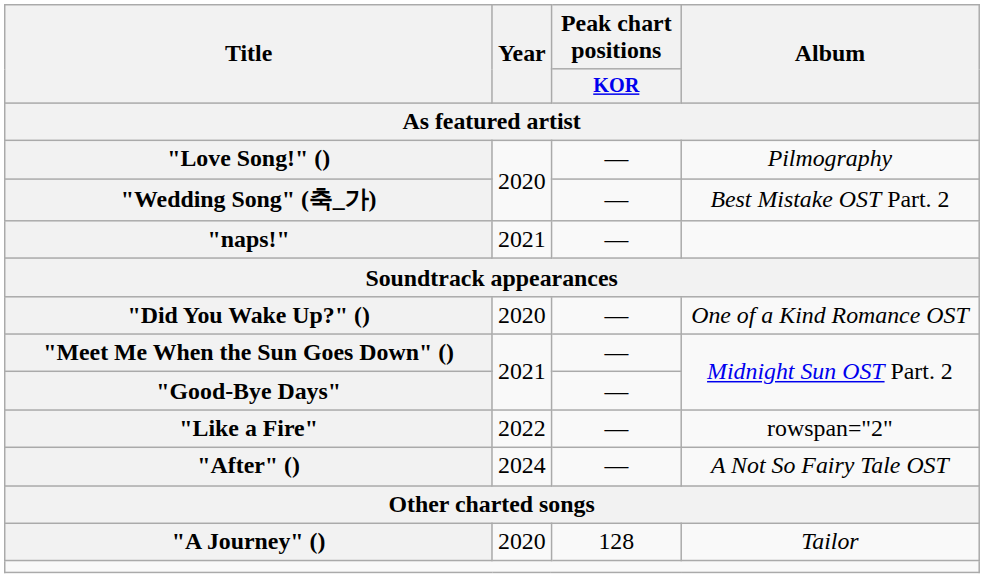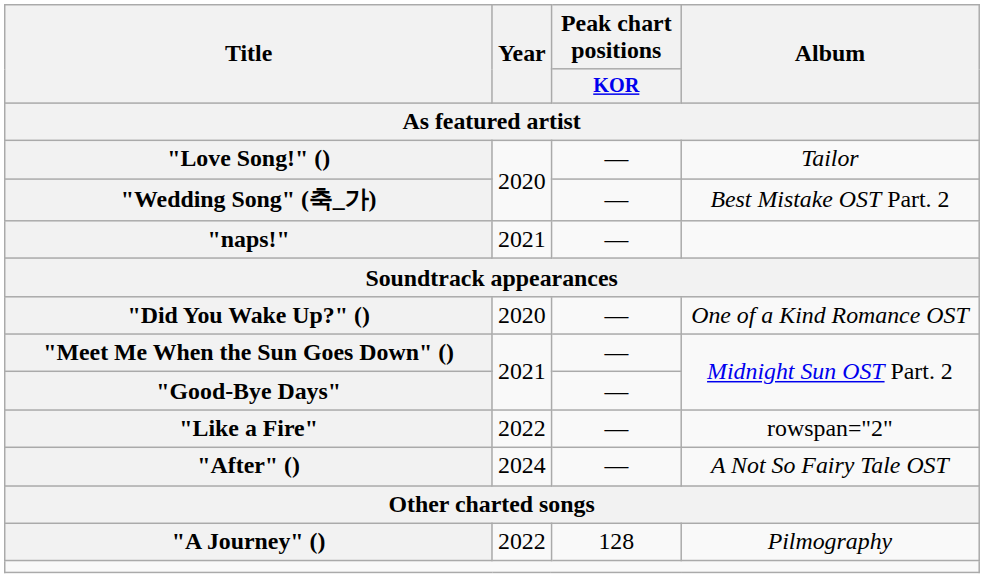 <table class="wikitable plainrowheaders" style="text-align:center;" border="1">
 <tr>
 <th rowspan="2" scope="col" style="width:20em;">Title</th>
 <th rowspan="2" scope="col">Year</th>
 <th colspan="1" scope="col" style="width:5em;">Peak chart positions</th>
 <th rowspan="2" scope="col" style="width:12em;">Album</th>
 </tr>
 <tr>
 <th scope="col" style="width:3em;font-size:85%;"><a href='#'>KOR</a><br></th>
 </tr>
 <tr>
 <th colspan="4">As featured artist</th>
 </tr>
 <tr>
 <th scope="row">"Love Song!" ()</th>
 <td rowspan="2">2020</td>
 <td>—</td>
-<td><em>Pilmography</em></td>
+<td><em>Tailor</em></td>
 </tr>
 <tr>
 <th scope="row">"Wedding Song" (축_가)</th>
 <td>—</td>
 <td><em>Best Mistake OST</em> Part. 2</td>
 </tr>
 <tr>
 <th scope="row">"naps!"</th>
 <td>2021</td>
 <td>—</td>
 </tr>
 <tr>
 <th colspan="4">Soundtrack appearances</th>
 </tr>
 <tr>
 <th scope="row">"Did You Wake Up?" ()</th>
 <td>2020</td>
 <td>—</td>
 <td><em>One of a Kind Romance OST</em></td>
 </tr>
 <tr>
 <th scope="row">"Meet Me When the Sun Goes Down" ()</th>
 <td rowspan="2">2021</td>
 <td>—</td>
 <td rowspan="2"><em><a href='#'>Midnight Sun OST</a></em> Part. 2</td>
 </tr>
 <tr>
 <th scope="row">"Good-Bye Days"</th>
 <td>—</td>
 </tr>
 <tr>
 <th scope="row">"Like a Fire"</th>
 <td>2022</td>
 <td>—</td>
 <td>rowspan="2" </td>
 </tr>
 <tr>
 <th scope="row">"After" ()</th>
 <td>2024</td>
 <td>—</td>
 <td><em>A Not So Fairy Tale OST</em></td>
 </tr>
 <tr>
 <th colspan="4">Other charted songs</th>
 </tr>
 <tr>
 <th scope="row">"A Journey" ()</th>
-<td>2020</td>
+<td>2022</td>
 <td>128</td>
-<td><em>Tailor</em></td>
+<td><em>Pilmography</em></td>
 </tr>
 <tr>
 <td colspan="4" align="center"></td>
 </tr>
 </table>
